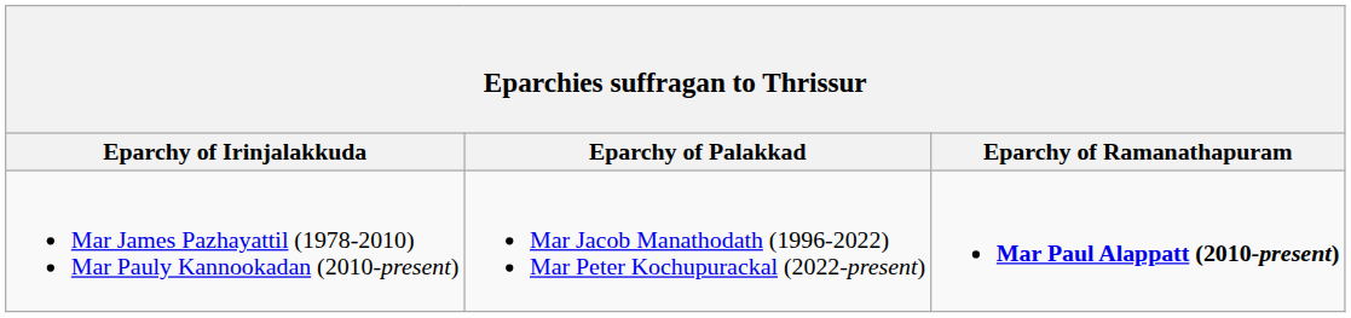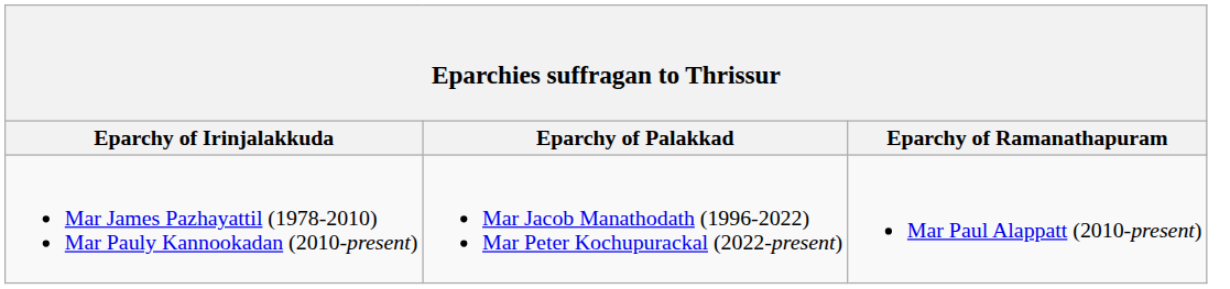 <table class="wikitable sortable">
 <tr>
 <th colspan="3"><br><h3>Eparchies suffragan to Thrissur</h3></th>
 </tr>
 <tr>
 <th>Eparchy of Irinjalakkuda</th>
 <th>Eparchy of Palakkad</th>
 <th>Eparchy of Ramanathapuram</th>
 </tr>
 <tr>
 <td><br><ul><li><a href='#'>Mar James Pazhayattil</a> (1978-2010)</li><li><a href='#'> Mar Pauly Kannookadan</a> (2010-<em>present</em>)</li></ul></td>
 <td><br><ul><li><a href='#'> Mar Jacob Manathodath</a> (1996-2022)</li><li><a href='#'>Mar Peter Kochupurackal</a> (2022-<em>present</em>)</li></ul></td>
-<td><strong><br><ul><li><a href='#'>Mar Paul Alappatt</a> (2010-<em>present</em>)</li></ul></strong></td>
+<td><br><ul><li><a href='#'>Mar Paul Alappatt</a> (2010-<em>present</em>)</li></ul></td>
 </tr>
 </table>
